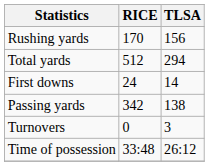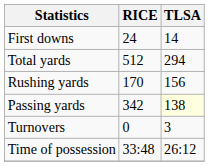 <table class="wikitable" style="float: left;">
 <tr>
 <th>Statistics</th>
 <th>RICE</th>
 <th>TLSA</th>
 </tr>
 <tr>
-<td>Rushing yards</td>
-<td>170</td>
-<td>156</td>
+<td>First downs</td>
+<td>24</td>
+<td>14</td>
 </tr>
 <tr>
 <td>Total yards</td>
 <td>512</td>
 <td>294</td>
 </tr>
 <tr>
-<td>First downs</td>
-<td>24</td>
-<td>14</td>
+<td>Rushing yards</td>
+<td>170</td>
+<td>156</td>
 </tr>
 <tr>
 <td>Passing yards</td>
 <td>342</td>
-<td>138</td>
+<td style="background: lightyellow;">138</td>
 </tr>
 <tr>
 <td>Turnovers</td>
 <td>0</td>
 <td>3</td>
 </tr>
 <tr>
 <td>Time of possession</td>
 <td>33:48</td>
 <td>26:12</td>
 </tr>
 <tr>
 </tr>
 </table>
